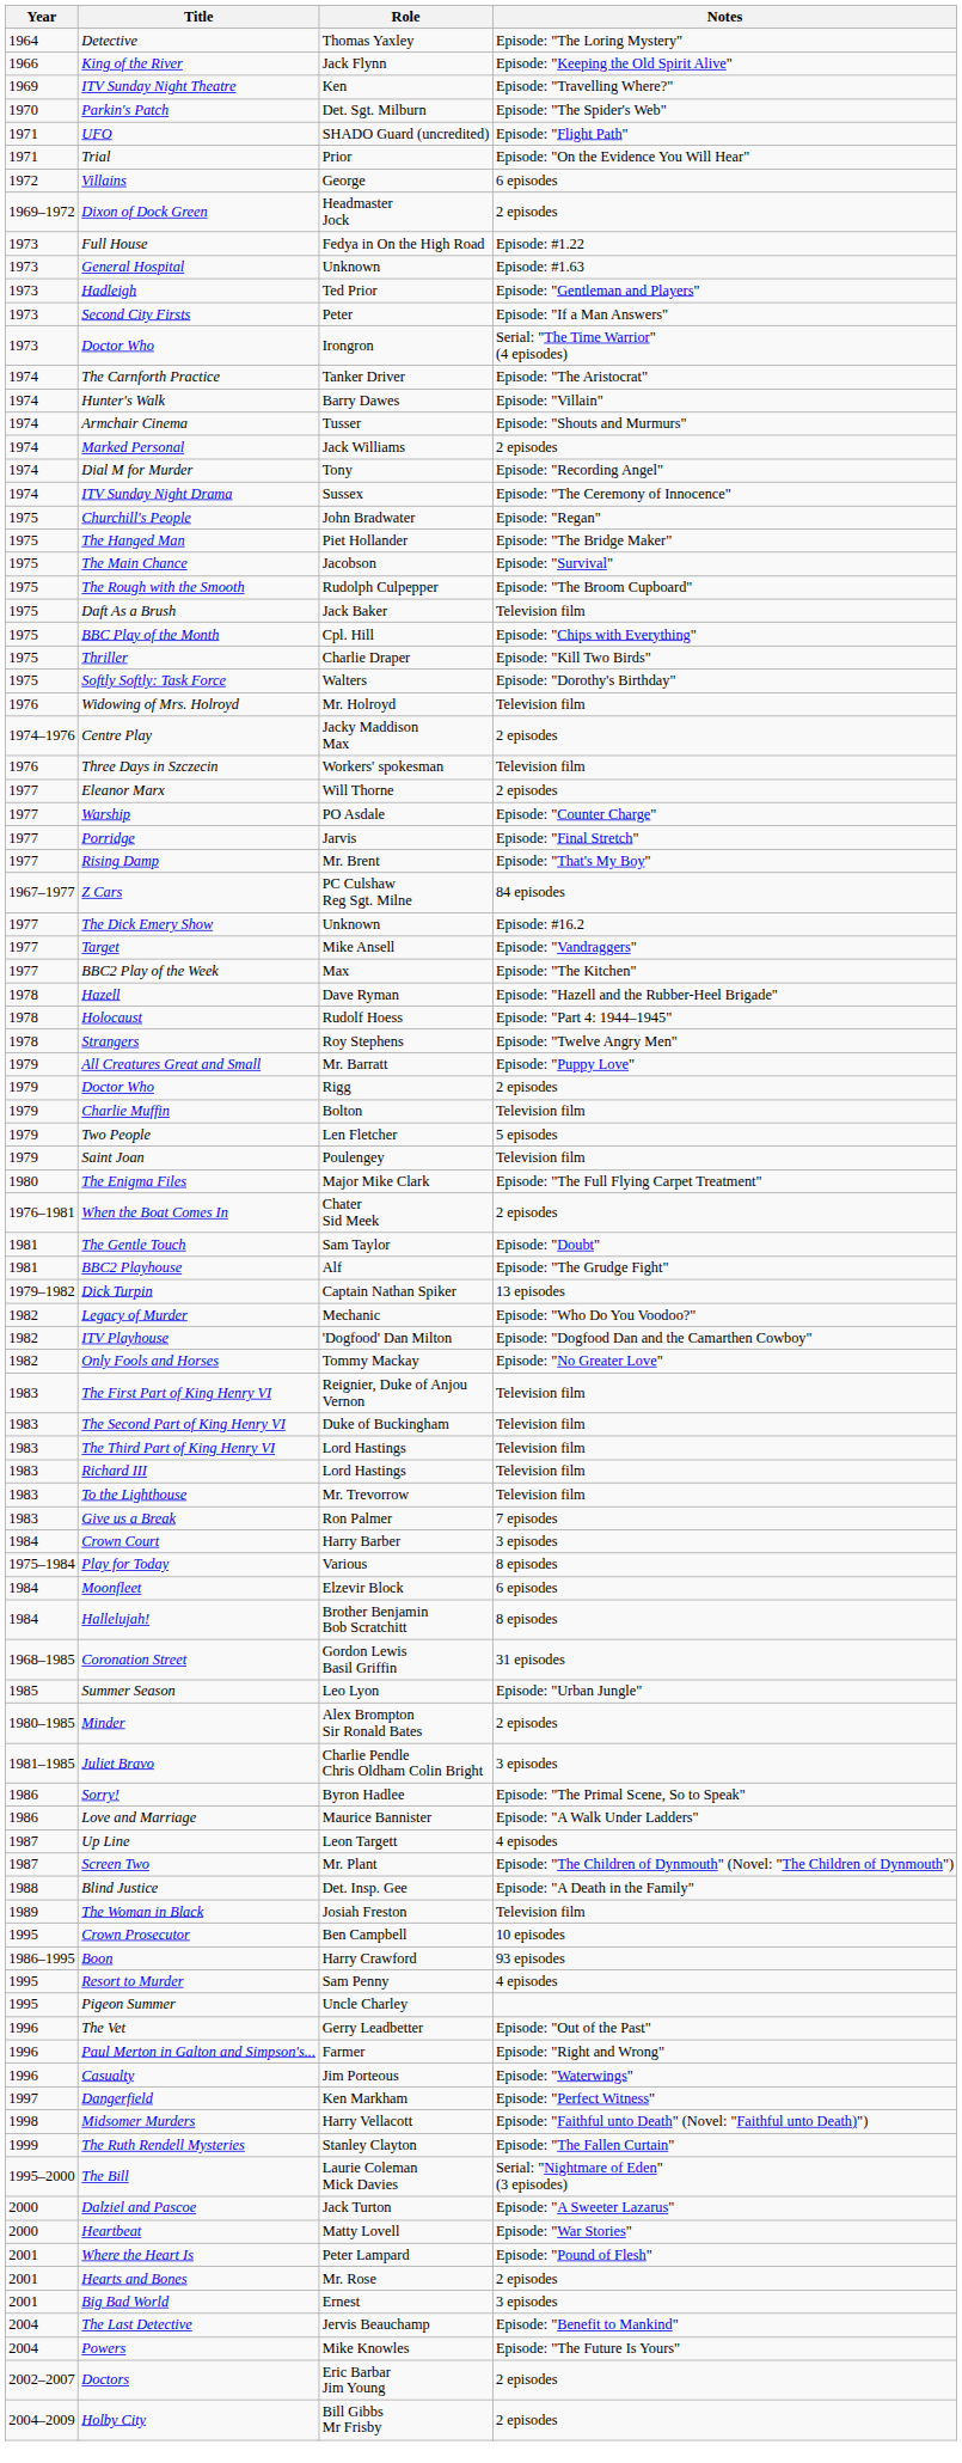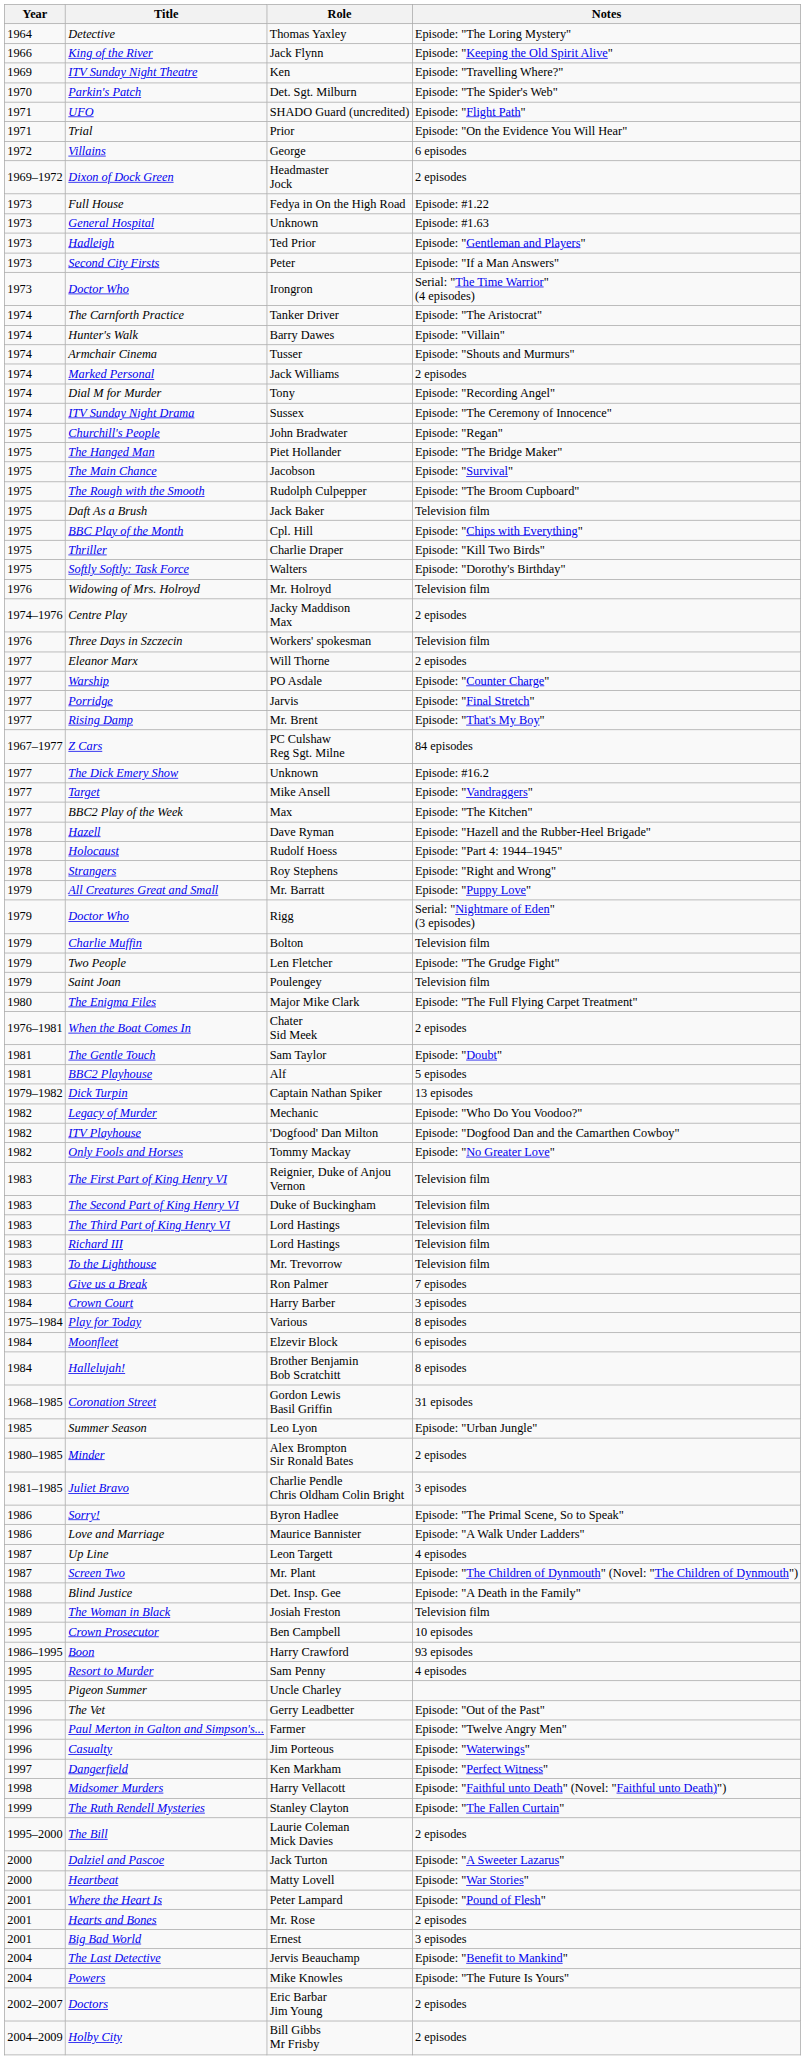 <table class="wikitable sortable">
 <tr>
 <th>Year</th>
 <th>Title</th>
 <th>Role</th>
 <th class="unsortable">Notes</th>
 </tr>
 <tr>
 <td>1964</td>
 <td><em>Detective</em></td>
 <td>Thomas Yaxley</td>
 <td>Episode: "The Loring Mystery"</td>
 </tr>
 <tr>
 <td>1966</td>
 <td><em><a href='#'>King of the River</a></em></td>
 <td>Jack Flynn</td>
 <td>Episode: "<a href='#'>Keeping the Old Spirit Alive</a>"</td>
 </tr>
 <tr>
 <td>1969</td>
 <td><em><a href='#'>ITV Sunday Night Theatre</a></em></td>
 <td>Ken</td>
 <td>Episode: "Travelling Where?"</td>
 </tr>
 <tr>
 <td>1970</td>
 <td><em><a href='#'>Parkin's Patch</a></em></td>
 <td>Det. Sgt. Milburn</td>
 <td>Episode: "The Spider's Web"</td>
 </tr>
 <tr>
 <td>1971</td>
 <td><em><a href='#'>UFO</a></em></td>
 <td>SHADO Guard (uncredited)</td>
 <td>Episode: "<a href='#'>Flight Path</a>"</td>
 </tr>
 <tr>
 <td>1971</td>
 <td><em>Trial</em></td>
 <td>Prior</td>
 <td>Episode: "On the Evidence You Will Hear"</td>
 </tr>
 <tr>
 <td>1972</td>
 <td><em><a href='#'>Villains</a></em></td>
 <td>George</td>
 <td>6 episodes</td>
 </tr>
 <tr>
 <td>1969–1972</td>
 <td><em><a href='#'>Dixon of Dock Green</a></em></td>
 <td>Headmaster<br>Jock</td>
 <td>2 episodes</td>
 </tr>
 <tr>
 <td>1973</td>
 <td><em>Full House</em></td>
 <td>Fedya in On the High Road</td>
 <td>Episode: #1.22</td>
 </tr>
 <tr>
 <td>1973</td>
 <td><em><a href='#'>General Hospital</a></em></td>
 <td>Unknown</td>
 <td>Episode: #1.63</td>
 </tr>
 <tr>
 <td>1973</td>
 <td><em><a href='#'>Hadleigh</a></em></td>
 <td>Ted Prior</td>
 <td>Episode: "<a href='#'>Gentleman and Players</a>"</td>
 </tr>
 <tr>
 <td>1973</td>
 <td><em><a href='#'>Second City Firsts</a></em></td>
 <td>Peter</td>
 <td>Episode: "If a Man Answers"</td>
 </tr>
 <tr>
 <td>1973</td>
 <td><em><a href='#'>Doctor Who</a></em></td>
 <td>Irongron</td>
 <td>Serial: "<a href='#'>The Time Warrior</a>"<br>(4 episodes)</td>
 </tr>
 <tr>
 <td>1974</td>
 <td><em>The Carnforth Practice</em></td>
 <td>Tanker Driver</td>
 <td>Episode: "The Aristocrat"</td>
 </tr>
 <tr>
 <td>1974</td>
 <td><em>Hunter's Walk</em></td>
 <td>Barry Dawes</td>
 <td>Episode: "Villain"</td>
 </tr>
 <tr>
 <td>1974</td>
 <td><em>Armchair Cinema</em></td>
 <td>Tusser</td>
 <td>Episode: "Shouts and Murmurs"</td>
 </tr>
 <tr>
 <td>1974</td>
 <td><em><a href='#'>Marked Personal</a></em></td>
 <td>Jack Williams</td>
 <td>2 episodes</td>
 </tr>
 <tr>
 <td>1974</td>
 <td><em>Dial M for Murder</em></td>
 <td>Tony</td>
 <td>Episode: "Recording Angel"</td>
 </tr>
 <tr>
 <td>1974</td>
 <td><em><a href='#'>ITV Sunday Night Drama</a></em></td>
 <td>Sussex</td>
 <td>Episode: "The Ceremony of Innocence"</td>
 </tr>
 <tr>
 <td>1975</td>
 <td><em><a href='#'>Churchill's People</a></em></td>
 <td>John Bradwater</td>
 <td>Episode: "Regan"</td>
 </tr>
 <tr>
 <td>1975</td>
 <td><em><a href='#'>The Hanged Man</a></em></td>
 <td>Piet Hollander</td>
 <td>Episode: "The Bridge Maker"</td>
 </tr>
 <tr>
 <td>1975</td>
 <td><em><a href='#'>The Main Chance</a></em></td>
 <td>Jacobson</td>
 <td>Episode: "<a href='#'>Survival</a>"</td>
 </tr>
 <tr>
 <td>1975</td>
 <td><em><a href='#'>The Rough with the Smooth</a></em></td>
 <td>Rudolph Culpepper</td>
 <td>Episode: "The Broom Cupboard"</td>
 </tr>
 <tr>
 <td>1975</td>
 <td><em>Daft As a Brush</em></td>
 <td>Jack Baker</td>
 <td>Television film</td>
 </tr>
 <tr>
 <td>1975</td>
 <td><em><a href='#'>BBC Play of the Month</a></em></td>
 <td>Cpl. Hill</td>
 <td>Episode: "<a href='#'>Chips with Everything</a>"</td>
 </tr>
 <tr>
 <td>1975</td>
 <td><em><a href='#'>Thriller</a></em></td>
 <td>Charlie Draper</td>
 <td>Episode: "Kill Two Birds"</td>
 </tr>
 <tr>
 <td>1975</td>
 <td><em><a href='#'>Softly Softly: Task Force</a></em></td>
 <td>Walters</td>
 <td>Episode: "Dorothy's Birthday"</td>
 </tr>
 <tr>
 <td>1976</td>
 <td><em>Widowing of Mrs. Holroyd</em></td>
 <td>Mr. Holroyd</td>
 <td>Television film</td>
 </tr>
 <tr>
 <td>1974–1976</td>
 <td><em>Centre Play</em></td>
 <td>Jacky Maddison<br>Max</td>
 <td>2 episodes</td>
 </tr>
 <tr>
 <td>1976</td>
 <td><em>Three Days in Szczecin</em></td>
 <td>Workers' spokesman</td>
 <td>Television film</td>
 </tr>
 <tr>
 <td>1977</td>
 <td><em>Eleanor Marx</em></td>
 <td>Will Thorne</td>
 <td>2 episodes</td>
 </tr>
 <tr>
 <td>1977</td>
 <td><em><a href='#'>Warship</a></em></td>
 <td>PO Asdale</td>
 <td>Episode: "<a href='#'>Counter Charge</a>"</td>
 </tr>
 <tr>
 <td>1977</td>
 <td><em><a href='#'>Porridge</a></em></td>
 <td>Jarvis</td>
 <td>Episode: "<a href='#'>Final Stretch</a>"</td>
 </tr>
 <tr>
 <td>1977</td>
 <td><em><a href='#'>Rising Damp</a></em></td>
 <td>Mr. Brent</td>
 <td>Episode: "<a href='#'>That's My Boy</a>"</td>
 </tr>
 <tr>
 <td>1967–1977</td>
 <td><em><a href='#'>Z Cars</a></em></td>
 <td>PC Culshaw<br>Reg Sgt. Milne</td>
 <td>84 episodes</td>
 </tr>
 <tr>
 <td>1977</td>
 <td><em><a href='#'>The Dick Emery Show</a></em></td>
 <td>Unknown</td>
 <td>Episode: #16.2</td>
 </tr>
 <tr>
 <td>1977</td>
 <td><em><a href='#'>Target</a></em></td>
 <td>Mike Ansell</td>
 <td>Episode: "<a href='#'>Vandraggers</a>"</td>
 </tr>
 <tr>
 <td>1977</td>
 <td><em>BBC2 Play of the Week</em></td>
 <td>Max</td>
 <td>Episode: "The Kitchen"</td>
 </tr>
 <tr>
 <td>1978</td>
 <td><em><a href='#'>Hazell</a></em></td>
 <td>Dave Ryman</td>
 <td>Episode: "Hazell and the Rubber-Heel Brigade"</td>
 </tr>
 <tr>
 <td>1978</td>
 <td><em><a href='#'>Holocaust</a></em></td>
 <td>Rudolf Hoess</td>
 <td>Episode: "Part 4: 1944–1945"</td>
 </tr>
 <tr>
 <td>1978</td>
 <td><em><a href='#'>Strangers</a></em></td>
 <td>Roy Stephens</td>
-<td>Episode: "Twelve Angry Men"</td>
+<td>Episode: "Right and Wrong"</td>
 </tr>
 <tr>
 <td>1979</td>
 <td><em><a href='#'>All Creatures Great and Small</a></em></td>
 <td>Mr. Barratt</td>
 <td>Episode: "<a href='#'>Puppy Love</a>"</td>
 </tr>
 <tr>
 <td>1979</td>
 <td><em><a href='#'>Doctor Who</a></em></td>
 <td>Rigg</td>
-<td>2 episodes</td>
+<td>Serial: "<a href='#'>Nightmare of Eden</a>"<br>(3 episodes)</td>
 </tr>
 <tr>
 <td>1979</td>
 <td><em><a href='#'>Charlie Muffin</a></em></td>
 <td>Bolton</td>
 <td>Television film</td>
 </tr>
 <tr>
 <td>1979</td>
 <td><em>Two People</em></td>
 <td>Len Fletcher</td>
-<td>5 episodes</td>
+<td>Episode: "The Grudge Fight"</td>
 </tr>
 <tr>
 <td>1979</td>
 <td><em>Saint Joan</em></td>
 <td>Poulengey</td>
 <td>Television film</td>
 </tr>
 <tr>
 <td>1980</td>
 <td><em><a href='#'>The Enigma Files</a></em></td>
 <td>Major Mike Clark</td>
 <td>Episode: "The Full Flying Carpet Treatment"</td>
 </tr>
 <tr>
 <td>1976–1981</td>
 <td><em><a href='#'>When the Boat Comes In</a></em></td>
 <td>Chater<br>Sid Meek</td>
 <td>2 episodes</td>
 </tr>
 <tr>
 <td>1981</td>
 <td><em><a href='#'>The Gentle Touch</a></em></td>
 <td>Sam Taylor</td>
 <td>Episode: "<a href='#'>Doubt</a>"</td>
 </tr>
 <tr>
 <td>1981</td>
 <td><em><a href='#'>BBC2 Playhouse</a></em></td>
 <td>Alf</td>
-<td>Episode: "The Grudge Fight"</td>
+<td>5 episodes</td>
 </tr>
 <tr>
 <td>1979–1982</td>
 <td><em><a href='#'>Dick Turpin</a></em></td>
 <td>Captain Nathan Spiker</td>
 <td>13 episodes</td>
 </tr>
 <tr>
 <td>1982</td>
 <td><em><a href='#'>Legacy of Murder</a></em></td>
 <td>Mechanic</td>
 <td>Episode: "Who Do You Voodoo?"</td>
 </tr>
 <tr>
 <td>1982</td>
 <td><em><a href='#'>ITV Playhouse</a></em></td>
 <td>'Dogfood' Dan Milton</td>
 <td>Episode: "Dogfood Dan and the Camarthen Cowboy"</td>
 </tr>
 <tr>
 <td>1982</td>
 <td><em><a href='#'>Only Fools and Horses</a></em></td>
 <td>Tommy Mackay</td>
 <td>Episode: "<a href='#'>No Greater Love</a>"</td>
 </tr>
 <tr>
 <td>1983</td>
 <td><em><a href='#'>The First Part of King Henry VI</a></em></td>
 <td>Reignier, Duke of Anjou<br>Vernon</td>
 <td>Television film</td>
 </tr>
 <tr>
 <td>1983</td>
 <td><em><a href='#'>The Second Part of King Henry VI</a></em></td>
 <td>Duke of Buckingham</td>
 <td>Television film</td>
 </tr>
 <tr>
 <td>1983</td>
 <td><em><a href='#'>The Third Part of King Henry VI</a></em></td>
 <td>Lord Hastings</td>
 <td>Television film</td>
 </tr>
 <tr>
 <td>1983</td>
 <td><em><a href='#'>Richard III</a></em></td>
 <td>Lord Hastings</td>
 <td>Television film</td>
 </tr>
 <tr>
 <td>1983</td>
 <td><em><a href='#'>To the Lighthouse</a></em></td>
 <td>Mr. Trevorrow</td>
 <td>Television film</td>
 </tr>
 <tr>
 <td>1983</td>
 <td><em><a href='#'>Give us a Break</a></em></td>
 <td>Ron Palmer</td>
 <td>7 episodes</td>
 </tr>
 <tr>
 <td>1984</td>
 <td><em><a href='#'>Crown Court</a></em></td>
 <td>Harry Barber</td>
 <td>3 episodes</td>
 </tr>
 <tr>
 <td>1975–1984</td>
 <td><em><a href='#'>Play for Today</a></em></td>
 <td>Various</td>
 <td>8 episodes</td>
 </tr>
 <tr>
 <td>1984</td>
 <td><em><a href='#'>Moonfleet</a></em></td>
 <td>Elzevir Block</td>
 <td>6 episodes</td>
 </tr>
 <tr>
 <td>1984</td>
 <td><em><a href='#'>Hallelujah!</a></em></td>
 <td>Brother Benjamin<br>Bob Scratchitt</td>
 <td>8 episodes</td>
 </tr>
 <tr>
 <td>1968–1985</td>
 <td><em><a href='#'>Coronation Street</a></em></td>
 <td>Gordon Lewis<br>Basil Griffin</td>
 <td>31 episodes</td>
 </tr>
 <tr>
 <td>1985</td>
 <td><em>Summer Season</em></td>
 <td>Leo Lyon</td>
 <td>Episode: "Urban Jungle"</td>
 </tr>
 <tr>
 <td>1980–1985</td>
 <td><em><a href='#'>Minder</a></em></td>
 <td>Alex Brompton<br>Sir Ronald Bates</td>
 <td>2 episodes</td>
 </tr>
 <tr>
 <td>1981–1985</td>
 <td><em><a href='#'>Juliet Bravo</a></em></td>
 <td>Charlie Pendle<br>Chris Oldham Colin Bright</td>
 <td>3 episodes</td>
 </tr>
 <tr>
 <td>1986</td>
 <td><em><a href='#'>Sorry!</a></em></td>
 <td>Byron Hadlee</td>
 <td>Episode: "The Primal Scene, So to Speak"</td>
 </tr>
 <tr>
 <td>1986</td>
 <td><em>Love and Marriage</em></td>
 <td>Maurice Bannister</td>
 <td>Episode: "A Walk Under Ladders"</td>
 </tr>
 <tr>
 <td>1987</td>
 <td><em>Up Line</em></td>
 <td>Leon Targett</td>
 <td>4 episodes</td>
 </tr>
 <tr>
 <td>1987</td>
 <td><em><a href='#'>Screen Two</a></em></td>
 <td>Mr. Plant</td>
 <td>Episode: "<a href='#'>The Children of Dynmouth</a>" (Novel: "<a href='#'>The Children of Dynmouth</a>")</td>
 </tr>
 <tr>
 <td>1988</td>
 <td><em>Blind Justice</em></td>
 <td>Det. Insp. Gee</td>
 <td>Episode: "A Death in the Family"</td>
 </tr>
 <tr>
 <td>1989</td>
 <td><em><a href='#'>The Woman in Black</a></em></td>
 <td>Josiah Freston</td>
 <td>Television film</td>
 </tr>
 <tr>
 <td>1995</td>
 <td><em><a href='#'>Crown Prosecutor</a></em></td>
 <td>Ben Campbell</td>
 <td>10 episodes</td>
 </tr>
 <tr>
 <td>1986–1995</td>
 <td><em><a href='#'>Boon</a></em></td>
 <td>Harry Crawford</td>
 <td>93 episodes</td>
 </tr>
 <tr>
 <td>1995</td>
 <td><em><a href='#'>Resort to Murder</a></em></td>
 <td>Sam Penny</td>
 <td>4 episodes</td>
 </tr>
 <tr>
 <td>1995</td>
 <td><em>Pigeon Summer</em></td>
 <td>Uncle Charley</td>
 <td></td>
 </tr>
 <tr>
 <td>1996</td>
 <td><em>The Vet</em></td>
 <td>Gerry Leadbetter</td>
 <td>Episode: "Out of the Past"</td>
 </tr>
 <tr>
 <td>1996</td>
 <td><em><a href='#'>Paul Merton in Galton and Simpson's...</a></em></td>
 <td>Farmer</td>
-<td>Episode: "Right and Wrong"</td>
+<td>Episode: "Twelve Angry Men"</td>
 </tr>
 <tr>
 <td>1996</td>
 <td><em><a href='#'>Casualty</a></em></td>
 <td>Jim Porteous</td>
 <td>Episode: "<a href='#'>Waterwings</a>"</td>
 </tr>
 <tr>
 <td>1997</td>
 <td><em><a href='#'>Dangerfield</a></em></td>
 <td>Ken Markham</td>
 <td>Episode: "<a href='#'>Perfect Witness</a>"</td>
 </tr>
 <tr>
 <td>1998</td>
 <td><em><a href='#'>Midsomer Murders</a></em></td>
 <td>Harry Vellacott</td>
 <td>Episode: "<a href='#'>Faithful unto Death</a>" (Novel: "<a href='#'>Faithful unto Death)</a>")</td>
 </tr>
 <tr>
 <td>1999</td>
 <td><em><a href='#'>The Ruth Rendell Mysteries</a></em></td>
 <td>Stanley Clayton</td>
 <td>Episode: "<a href='#'>The Fallen Curtain</a>"</td>
 </tr>
 <tr>
 <td>1995–2000</td>
 <td><em><a href='#'>The Bill</a></em></td>
 <td>Laurie Coleman<br>Mick Davies</td>
-<td>Serial: "<a href='#'>Nightmare of Eden</a>"<br>(3 episodes)</td>
+<td>2 episodes</td>
 </tr>
 <tr>
 <td>2000</td>
 <td><em><a href='#'>Dalziel and Pascoe</a></em></td>
 <td>Jack Turton</td>
 <td>Episode: "<a href='#'>A Sweeter Lazarus</a>"</td>
 </tr>
 <tr>
 <td>2000</td>
 <td><em><a href='#'>Heartbeat</a></em></td>
 <td>Matty Lovell</td>
 <td>Episode: "<a href='#'>War Stories</a>"</td>
 </tr>
 <tr>
 <td>2001</td>
 <td><em><a href='#'>Where the Heart Is</a></em></td>
 <td>Peter Lampard</td>
 <td>Episode: "<a href='#'>Pound of Flesh</a>"</td>
 </tr>
 <tr>
 <td>2001</td>
 <td><em><a href='#'>Hearts and Bones</a></em></td>
 <td>Mr. Rose</td>
 <td>2 episodes</td>
 </tr>
 <tr>
 <td>2001</td>
 <td><em><a href='#'>Big Bad World</a></em></td>
 <td>Ernest</td>
 <td>3 episodes</td>
 </tr>
 <tr>
 <td>2004</td>
 <td><em><a href='#'>The Last Detective</a></em></td>
 <td>Jervis Beauchamp</td>
 <td>Episode: "<a href='#'>Benefit to Mankind</a>"</td>
 </tr>
 <tr>
 <td>2004</td>
 <td><em><a href='#'>Powers</a></em></td>
 <td>Mike Knowles</td>
 <td>Episode: "The Future Is Yours"</td>
 </tr>
 <tr>
 <td>2002–2007</td>
 <td><em><a href='#'>Doctors</a></em></td>
 <td>Eric Barbar<br>Jim Young</td>
 <td>2 episodes</td>
 </tr>
 <tr>
 <td>2004–2009</td>
 <td><em><a href='#'>Holby City</a></em></td>
 <td>Bill Gibbs<br>Mr Frisby</td>
 <td>2 episodes</td>
 </tr>
 </table>
